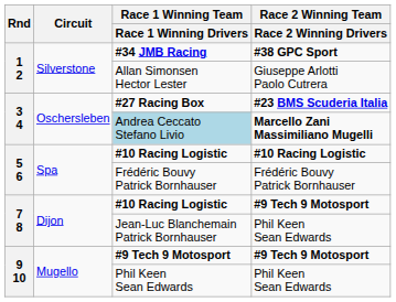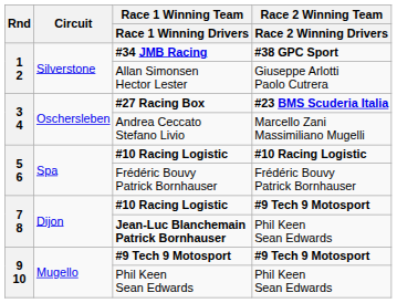 <table class="wikitable" style="font-size: 90%;">
 <tr>
 <th rowspan=2>Rnd</th>
 <th rowspan=2>Circuit</th>
 <th>Race 1 Winning Team</th>
 <th>Race 2 Winning Team</th>
 </tr>
 <tr>
 <th>Race 1 Winning Drivers</th>
 <th>Race 2 Winning Drivers</th>
 </tr>
 <tr>
 <th rowspan=2>1<br>2</th>
 <td rowspan=2><a href='#'>Silverstone</a></td>
 <td><strong> #34 <a href='#'>JMB Racing</a></strong></td>
 <td><strong> #38 GPC Sport</strong></td>
 </tr>
 <tr>
 <td> Allan Simonsen<br> Hector Lester</td>
 <td> Giuseppe Arlotti<br> Paolo Cutrera</td>
 </tr>
 <tr>
 <th rowspan=2>3<br>4</th>
 <td rowspan=2><a href='#'>Oschersleben</a></td>
 <td><strong> #27 Racing Box</strong></td>
 <td><strong> #23 <a href='#'>BMS Scuderia Italia</a></strong></td>
 </tr>
 <tr>
-<td style="background: lightblue;"> Andrea Ceccato<br> Stefano Livio</td>
-<td><strong> Marcello Zani<br> Massimiliano Mugelli</strong></td>
+<td> Andrea Ceccato<br> Stefano Livio</td>
+<td> Marcello Zani<br> Massimiliano Mugelli</td>
 </tr>
 <tr>
 <th rowspan=2>5<br>6</th>
 <td rowspan=2><a href='#'>Spa</a></td>
 <td><strong> #10 Racing Logistic</strong></td>
 <td><strong> #10 Racing Logistic</strong></td>
 </tr>
 <tr>
 <td> Frédéric Bouvy<br> Patrick Bornhauser</td>
 <td> Frédéric Bouvy<br> Patrick Bornhauser</td>
 </tr>
 <tr>
 <th rowspan=2>7<br>8</th>
 <td rowspan=2><a href='#'>Dijon</a></td>
 <td><strong> #10 Racing Logistic</strong></td>
 <td><strong> #9 Tech 9 Motosport</strong></td>
 </tr>
 <tr>
-<td> Jean-Luc Blanchemain<br> Patrick Bornhauser</td>
+<td><strong> Jean-Luc Blanchemain<br> Patrick Bornhauser</strong></td>
 <td> Phil Keen<br> Sean Edwards</td>
 </tr>
 <tr>
 <th rowspan=2>9<br>10</th>
 <td rowspan=2><a href='#'>Mugello</a></td>
 <td><strong> #9 Tech 9 Motosport</strong></td>
 <td><strong> #9 Tech 9 Motosport</strong></td>
 </tr>
 <tr>
 <td> Phil Keen<br> Sean Edwards</td>
 <td> Phil Keen<br> Sean Edwards</td>
 </tr>
 </table>
